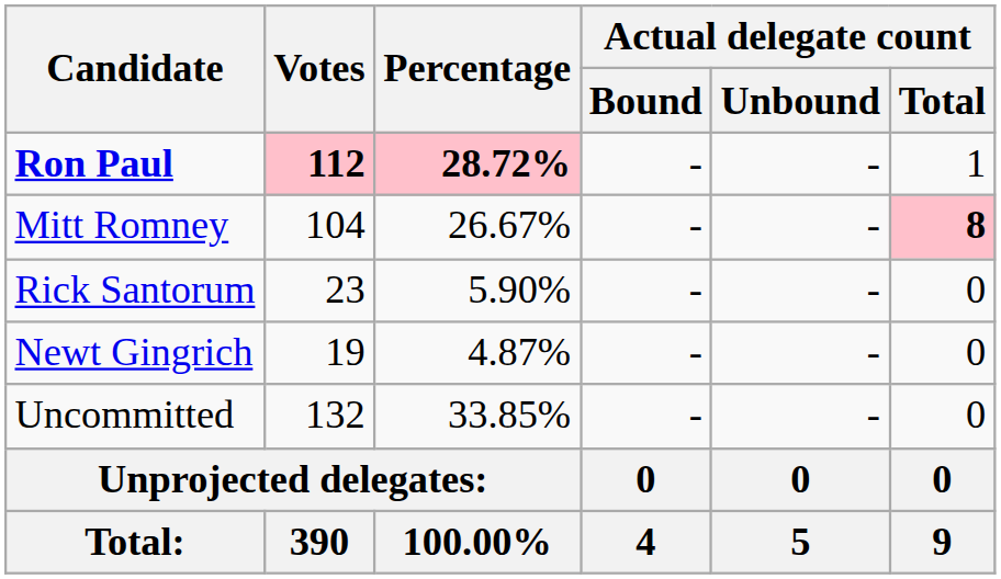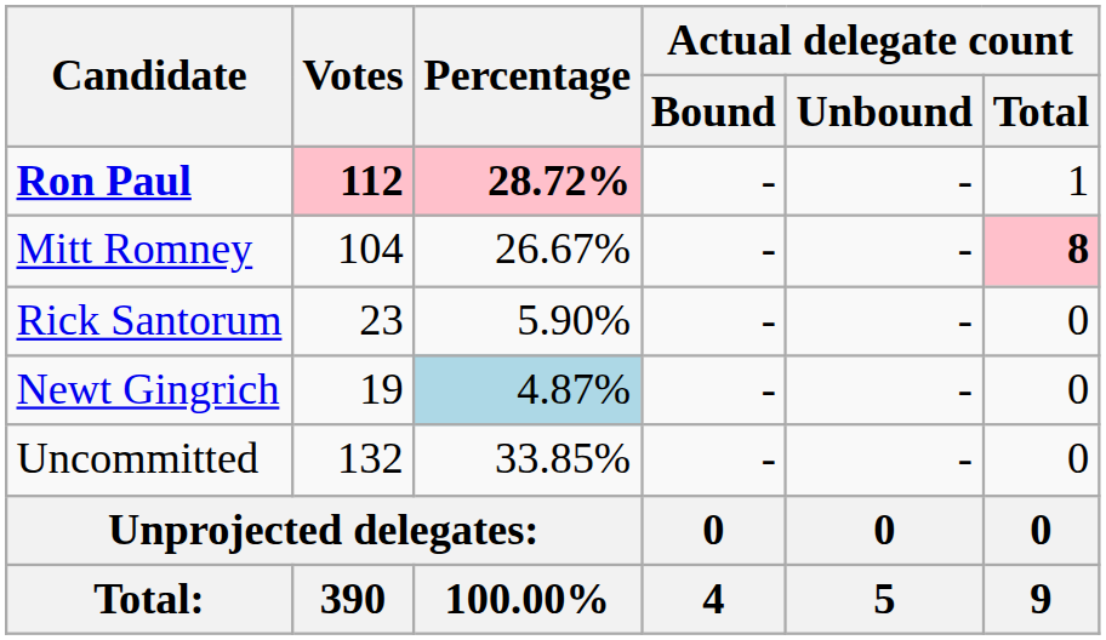 <table class="wikitable" style="text-align:right;">
 <tr>
 <th rowspan="2">Candidate</th>
 <th rowspan="2">Votes</th>
 <th rowspan="2">Percentage</th>
 <th colspan="3">Actual delegate count</th>
 </tr>
 <tr>
 <th>Bound</th>
 <th>Unbound</th>
 <th>Total</th>
 </tr>
 <tr>
 <td style="text-align:left;"> <strong><a href='#'>Ron Paul</a></strong></td>
 <td style="background:pink;"><strong>112</strong></td>
 <td style="background:pink;"><strong>28.72%</strong></td>
 <td>-</td>
 <td>-</td>
 <td>1</td>
 </tr>
 <tr>
 <td style="text-align:left;"><a href='#'>Mitt Romney</a></td>
 <td>104</td>
 <td>26.67%</td>
 <td>-</td>
 <td>-</td>
 <td style="background:pink;"><strong>8</strong></td>
 </tr>
 <tr>
 <td style="text-align:left;"><a href='#'>Rick Santorum</a></td>
 <td>23</td>
 <td>5.90%</td>
 <td>-</td>
 <td>-</td>
 <td>0</td>
 </tr>
 <tr>
 <td style="text-align:left;"><a href='#'>Newt Gingrich</a></td>
 <td>19</td>
-<td>4.87%</td>
+<td style="background: lightblue;">4.87%</td>
 <td>-</td>
 <td>-</td>
 <td>0</td>
 </tr>
 <tr>
 <td style="text-align:left;">Uncommitted</td>
 <td>132</td>
 <td>33.85%</td>
 <td>-</td>
 <td>-</td>
 <td>0</td>
 </tr>
 <tr style="background:#eee;">
 <th colspan="3">Unprojected delegates:</th>
 <th>0</th>
 <th>0</th>
 <th>0</th>
 </tr>
 <tr style="background:#eee;">
 <th>Total:</th>
 <th>390</th>
 <th>100.00%</th>
 <th>4</th>
 <th>5</th>
 <th>9</th>
 </tr>
 </table>
